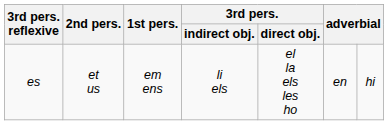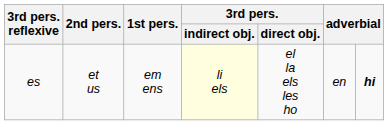 <table class="wikitable" style="text-align:center">
 <tr>
 <th rowspan="2">3rd pers.<br> reflexive</th>
 <th rowspan="2">2nd pers.</th>
 <th rowspan="2">1st pers.</th>
 <th colspan="2">3rd pers.</th>
 <th rowspan="2" colspan="2">adverbial</th>
 </tr>
 <tr>
 <th>indirect obj.</th>
 <th>direct obj.</th>
 </tr>
 <tr>
 <td><em>es</em></td>
 <td><em>et</em><br> <em>us</em></td>
 <td><em>em</em><br> <em>ens</em></td>
-<td><em>li</em><br> <em>els</em></td>
+<td style="background: lightyellow;"><em>li</em><br> <em>els</em></td>
 <td><em>el</em><br> <em>la</em><br> <em>els</em><br> <em>les</em><br> <em>ho</em></td>
 <td><em>en</em></td>
-<td><em>hi</em></td>
+<td><strong><em>hi</em></strong></td>
 </tr>
 </table>
